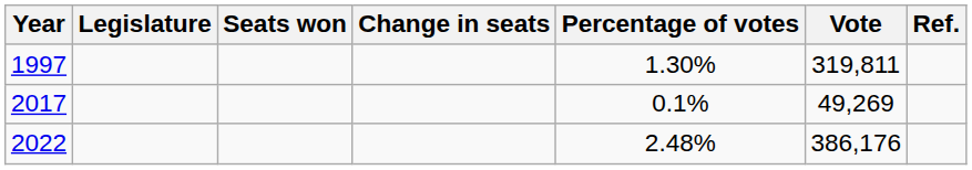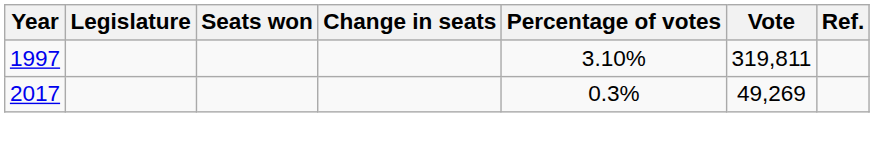 <table class="wikitable" style="text-align:center">
 <tr>
 <th Style="background-color:">Year</th>
 <th Style="background-color:">Legislature</th>
 <th Style="background-color:">Seats won</th>
 <th Style="background-color:">Change in seats</th>
 <th Style="background-color:">Percentage of votes</th>
 <th Style="background-color:">Vote</th>
 <th Style="background-color:">Ref.</th>
 </tr>
 <tr>
 <td><a href='#'>1997</a></td>
 <td></td>
 <td></td>
 <td></td>
-<td>1.30%</td>
+<td>3.10%</td>
 <td>319,811</td>
 <td></td>
 </tr>
 <tr>
 <td><a href='#'>2017</a></td>
 <td></td>
 <td></td>
 <td></td>
-<td>0.1%</td>
+<td>0.3%</td>
 <td>49,269</td>
 <td></td>
 </tr>
-<tr>
-<td><a href='#'>2022</a></td>
-<td></td>
-<td></td>
-<td></td>
-<td>2.48%</td>
-<td>386,176</td>
-<td></td>
-</tr>
 </table>
